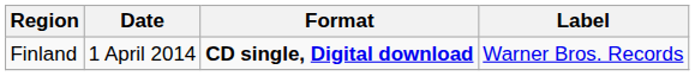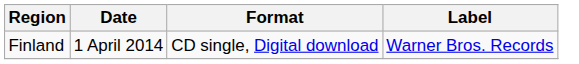 <table class=wikitable>
 <tr>
 <th>Region</th>
 <th>Date</th>
 <th>Format</th>
 <th>Label</th>
 </tr>
 <tr>
 <td>Finland</td>
 <td>1 April 2014</td>
-<td><strong>CD single, <a href='#'>Digital download</a></strong></td>
+<td>CD single, <a href='#'>Digital download</a></td>
 <td><a href='#'>Warner Bros. Records</a></td>
 </tr>
 <tr>
 </tr>
 </table>
